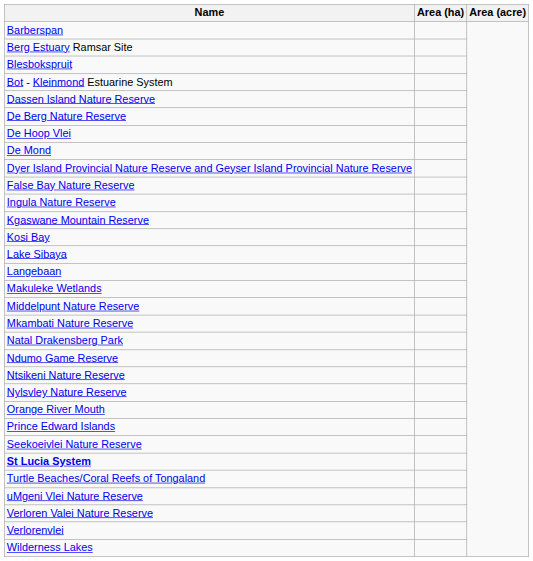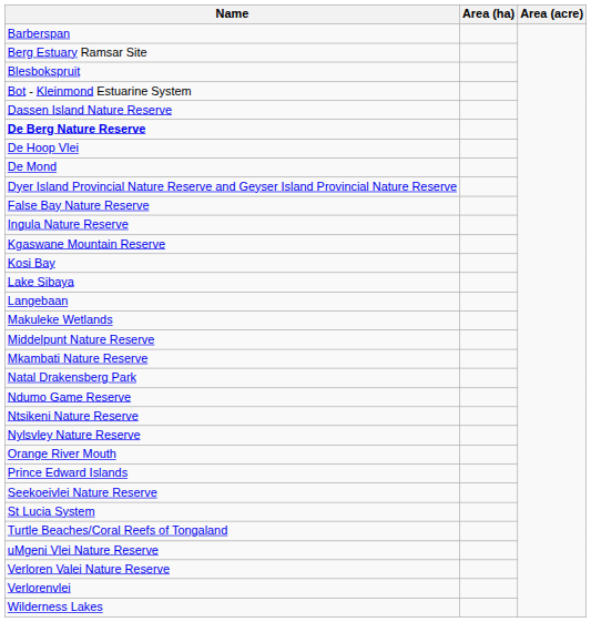 <table class="wikitable sortable">
 <tr>
 <th scope="col" align=left>Name</th>
 <th scope="col">Area (ha)</th>
 <th scope="col">Area (acre)</th>
 </tr>
 <tr ---->
 <td><a href='#'>Barberspan</a></td>
 <td></td>
 </tr>
 <tr ---->
 <td><a href='#'>Berg Estuary</a> Ramsar Site</td>
 <td></td>
 </tr>
 <tr ---->
 <td><a href='#'>Blesbokspruit</a></td>
 <td></td>
 </tr>
 <tr ---->
 <td><a href='#'>Bot</a> - <a href='#'>Kleinmond</a> Estuarine System</td>
 <td></td>
 </tr>
 <tr ---->
 <td><a href='#'>Dassen Island Nature Reserve</a></td>
 <td></td>
 </tr>
 <tr ---->
-<td><a href='#'>De Berg Nature Reserve</a></td>
+<td><strong><a href='#'>De Berg Nature Reserve</a></strong></td>
 <td></td>
 </tr>
 <tr ---->
 <td><a href='#'>De Hoop Vlei</a></td>
 <td></td>
 </tr>
 <tr ---->
 <td><a href='#'>De Mond</a></td>
 <td></td>
 </tr>
 <tr ---->
 <td><a href='#'>Dyer Island Provincial Nature Reserve and Geyser Island Provincial Nature Reserve</a></td>
 <td></td>
 </tr>
 <tr ---->
 <td><a href='#'>False Bay Nature Reserve</a></td>
 <td></td>
 </tr>
 <tr ---->
 <td><a href='#'>Ingula Nature Reserve</a></td>
 <td></td>
 </tr>
 <tr ---->
 <td><a href='#'>Kgaswane Mountain Reserve</a></td>
 <td></td>
 </tr>
 <tr ---->
 <td><a href='#'>Kosi Bay</a></td>
 <td></td>
 </tr>
 <tr ---->
 <td><a href='#'>Lake Sibaya</a></td>
 <td></td>
 </tr>
 <tr ---->
 <td><a href='#'>Langebaan</a></td>
 <td></td>
 </tr>
 <tr ---->
 <td><a href='#'>Makuleke Wetlands</a></td>
 <td></td>
 </tr>
 <tr ---->
 <td><a href='#'>Middelpunt Nature Reserve</a></td>
 <td></td>
 </tr>
 <tr ---->
 <td><a href='#'>Mkambati Nature Reserve</a></td>
 <td></td>
 </tr>
 <tr ---->
 <td><a href='#'>Natal Drakensberg Park</a></td>
 <td></td>
 </tr>
 <tr ---->
 <td><a href='#'>Ndumo Game Reserve</a></td>
 <td></td>
 </tr>
 <tr ---->
 <td><a href='#'>Ntsikeni Nature Reserve</a></td>
 <td></td>
 </tr>
 <tr ---->
 <td><a href='#'>Nylsvley Nature Reserve</a></td>
 <td></td>
 </tr>
 <tr ---->
 <td><a href='#'>Orange River Mouth</a></td>
 <td></td>
 </tr>
 <tr ---->
 <td><a href='#'>Prince Edward Islands</a></td>
 <td></td>
 </tr>
 <tr ---->
 <td><a href='#'>Seekoeivlei Nature Reserve</a></td>
 <td></td>
 </tr>
 <tr ---->
-<td><strong><a href='#'>St Lucia System</a></strong></td>
+<td><a href='#'>St Lucia System</a></td>
 <td></td>
 </tr>
 <tr ---->
 <td><a href='#'>Turtle Beaches/Coral Reefs of Tongaland</a></td>
 <td></td>
 </tr>
 <tr ---->
 <td><a href='#'>uMgeni Vlei Nature Reserve</a></td>
 <td></td>
 </tr>
 <tr ---->
 <td><a href='#'>Verloren Valei Nature Reserve</a></td>
 <td></td>
 </tr>
 <tr ---->
 <td><a href='#'>Verlorenvlei</a></td>
 <td></td>
 </tr>
 <tr ---->
 <td><a href='#'>Wilderness Lakes</a></td>
 <td></td>
 </tr>
 </table>
